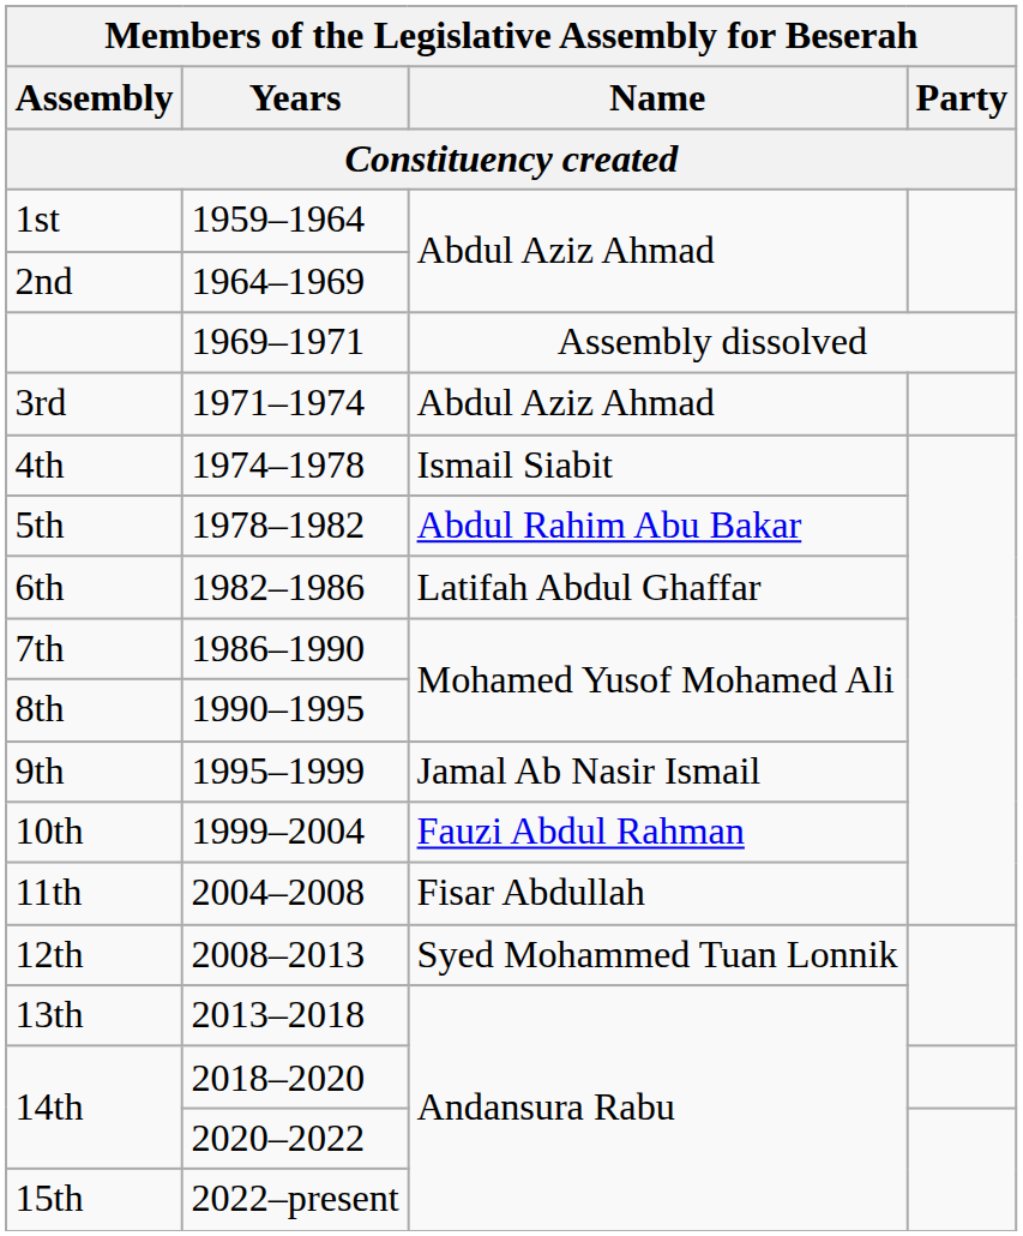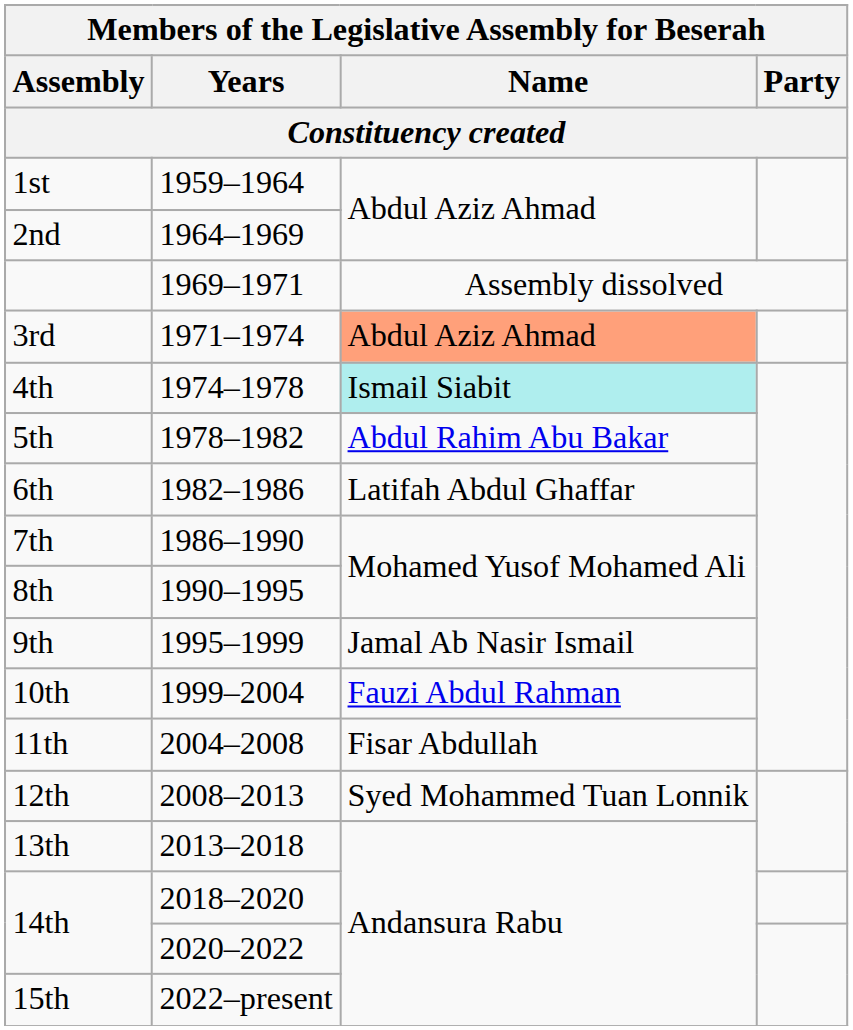 <table class="wikitable">
 <tr>
 <th colspan="4">Members of the Legislative Assembly for Beserah</th>
 </tr>
 <tr>
 <th>Assembly</th>
 <th>Years</th>
 <th>Name</th>
 <th>Party</th>
 </tr>
 <tr>
 <th colspan="4"><em>Constituency created</em></th>
 </tr>
 <tr>
 <td>1st</td>
 <td>1959–1964</td>
 <td rowspan="2">Abdul Aziz Ahmad</td>
 <td rowspan="2"></td>
 </tr>
 <tr>
 <td>2nd</td>
 <td>1964–1969</td>
 </tr>
 <tr>
 <td></td>
 <td>1969–1971</td>
 <td colspan=2 align=center>Assembly dissolved</td>
 </tr>
 <tr>
 <td>3rd</td>
 <td>1971–1974</td>
-<td>Abdul Aziz Ahmad</td>
+<td style="background: lightsalmon;">Abdul Aziz Ahmad</td>
 <td></td>
 </tr>
 <tr>
 <td>4th</td>
 <td>1974–1978</td>
-<td>Ismail Siabit</td>
+<td style="background: paleturquoise;">Ismail Siabit</td>
 <td rowspan="8"></td>
 </tr>
 <tr>
 <td>5th</td>
 <td>1978–1982</td>
 <td><a href='#'>Abdul Rahim Abu Bakar</a></td>
 </tr>
 <tr>
 <td>6th</td>
 <td>1982–1986</td>
 <td>Latifah Abdul Ghaffar</td>
 </tr>
 <tr>
 <td>7th</td>
 <td>1986–1990</td>
 <td rowspan="2">Mohamed Yusof Mohamed Ali</td>
 </tr>
 <tr>
 <td>8th</td>
 <td>1990–1995</td>
 </tr>
 <tr>
 <td>9th</td>
 <td>1995–1999</td>
 <td>Jamal Ab Nasir Ismail</td>
 </tr>
 <tr>
 <td>10th</td>
 <td>1999–2004</td>
 <td><a href='#'>Fauzi Abdul Rahman</a></td>
 </tr>
 <tr>
 <td>11th</td>
 <td>2004–2008</td>
 <td>Fisar Abdullah</td>
 </tr>
 <tr>
 <td>12th</td>
 <td>2008–2013</td>
 <td>Syed Mohammed Tuan Lonnik</td>
 <td rowspan="2"></td>
 </tr>
 <tr>
 <td>13th</td>
 <td>2013–2018</td>
 <td rowspan="4">Andansura Rabu</td>
 </tr>
 <tr>
 <td rowspan="2">14th</td>
 <td>2018–2020</td>
 <td></td>
 </tr>
 <tr>
 <td>2020–2022</td>
 <td rowspan="2"></td>
 </tr>
 <tr>
 <td>15th</td>
 <td>2022–present</td>
 </tr>
 </table>
